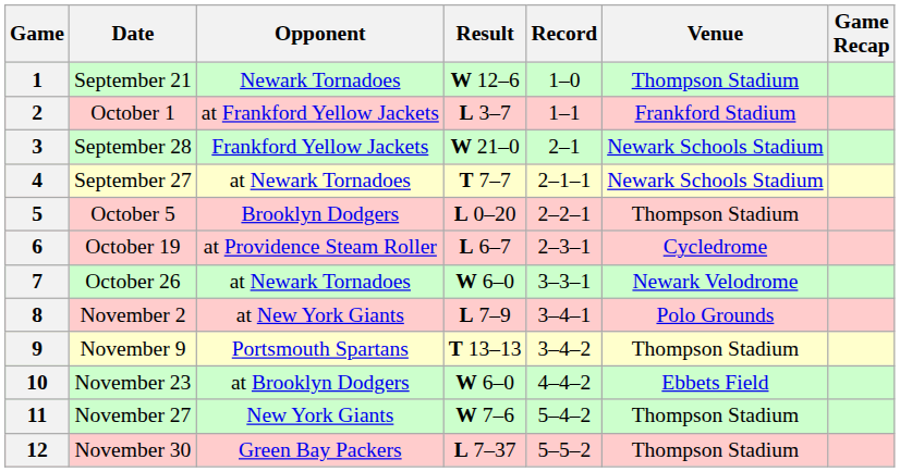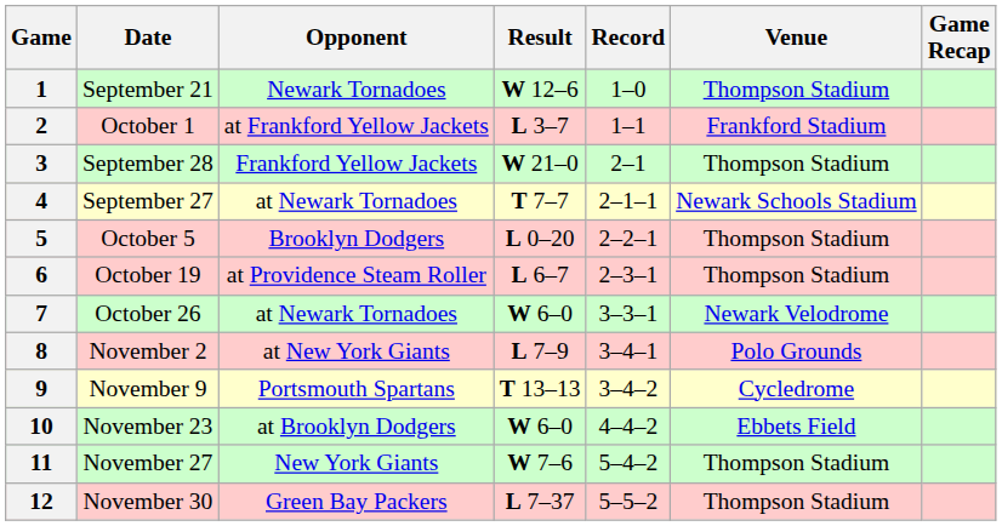 <table class="wikitable" style="text-align:center">
 <tr>
 <th>Game</th>
 <th>Date</th>
 <th>Opponent</th>
 <th>Result</th>
 <th>Record</th>
 <th>Venue</th>
 <th>Game<br>Recap</th>
 </tr>
 <tr style="background:#cfc">
 <th>1</th>
 <td>September 21</td>
 <td><a href='#'>Newark Tornadoes</a></td>
 <td><strong>W</strong> 12–6</td>
 <td>1–0</td>
 <td><a href='#'>Thompson Stadium</a></td>
 <td></td>
 </tr>
 <tr style="background:#fcc">
 <th>2</th>
 <td>October 1</td>
 <td>at <a href='#'>Frankford Yellow Jackets</a></td>
 <td><strong>L</strong> 3–7</td>
 <td>1–1</td>
 <td><a href='#'>Frankford Stadium</a></td>
 <td></td>
 </tr>
 <tr style="background:#cfc">
 <th>3</th>
 <td>September 28</td>
 <td><a href='#'>Frankford Yellow Jackets</a></td>
 <td><strong>W</strong> 21–0</td>
 <td>2–1</td>
-<td><a href='#'>Newark Schools Stadium</a></td>
+<td>Thompson Stadium</td>
 <td></td>
 </tr>
 <tr style="background:#ffc">
 <th>4</th>
 <td>September 27</td>
 <td>at <a href='#'>Newark Tornadoes</a></td>
 <td><strong>T</strong> 7–7</td>
 <td>2–1–1</td>
 <td><a href='#'>Newark Schools Stadium</a></td>
 <td></td>
 </tr>
 <tr style="background:#fcc">
 <th>5</th>
 <td>October 5</td>
 <td><a href='#'>Brooklyn Dodgers</a></td>
 <td><strong>L</strong> 0–20</td>
 <td>2–2–1</td>
 <td>Thompson Stadium</td>
 <td></td>
 </tr>
 <tr style="background:#fcc">
 <th>6</th>
 <td>October 19</td>
 <td>at <a href='#'>Providence Steam Roller</a></td>
 <td><strong>L</strong> 6–7</td>
 <td>2–3–1</td>
-<td><a href='#'>Cycledrome</a></td>
+<td>Thompson Stadium</td>
 <td></td>
 </tr>
 <tr style="background:#cfc">
 <th>7</th>
 <td>October 26</td>
 <td>at <a href='#'>Newark Tornadoes</a></td>
 <td><strong>W</strong> 6–0</td>
 <td>3–3–1</td>
 <td><a href='#'>Newark Velodrome</a></td>
 <td></td>
 </tr>
 <tr style="background:#fcc">
 <th>8</th>
 <td>November 2</td>
 <td>at <a href='#'>New York Giants</a></td>
 <td><strong>L</strong> 7–9</td>
 <td>3–4–1</td>
 <td><a href='#'>Polo Grounds</a></td>
 <td></td>
 </tr>
 <tr style="background:#ffc">
 <th>9</th>
 <td>November 9</td>
 <td><a href='#'>Portsmouth Spartans</a></td>
 <td><strong>T</strong> 13–13</td>
 <td>3–4–2</td>
-<td>Thompson Stadium</td>
+<td><a href='#'>Cycledrome</a></td>
 <td></td>
 </tr>
 <tr style="background:#cfc">
 <th>10</th>
 <td>November 23</td>
 <td>at <a href='#'>Brooklyn Dodgers</a></td>
 <td><strong>W</strong> 6–0</td>
 <td>4–4–2</td>
 <td><a href='#'>Ebbets Field</a></td>
 <td></td>
 </tr>
 <tr style="background:#cfc">
 <th>11</th>
 <td>November 27</td>
 <td><a href='#'>New York Giants</a></td>
 <td><strong>W</strong> 7–6</td>
 <td>5–4–2</td>
 <td>Thompson Stadium</td>
 <td></td>
 </tr>
 <tr style="background:#fcc">
 <th>12</th>
 <td>November 30</td>
 <td><a href='#'>Green Bay Packers</a></td>
 <td><strong>L</strong> 7–37</td>
 <td>5–5–2</td>
 <td>Thompson Stadium</td>
 <td></td>
 </tr>
 </table>
